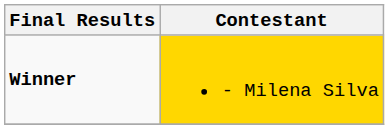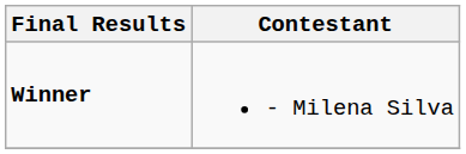 <table class="wikitable">
 <tr>
 <th>Final Results</th>
 <th>Contestant</th>
 </tr>
 <tr>
 <td><strong>Winner</strong></td>
-<td style="background: gold;"><br><ul><li><strong></strong> - Milena Silva</li></ul></td>
+<td><br><ul><li><strong></strong> - Milena Silva</li></ul></td>
 </tr>
 <tr>
 </tr>
 </table>
